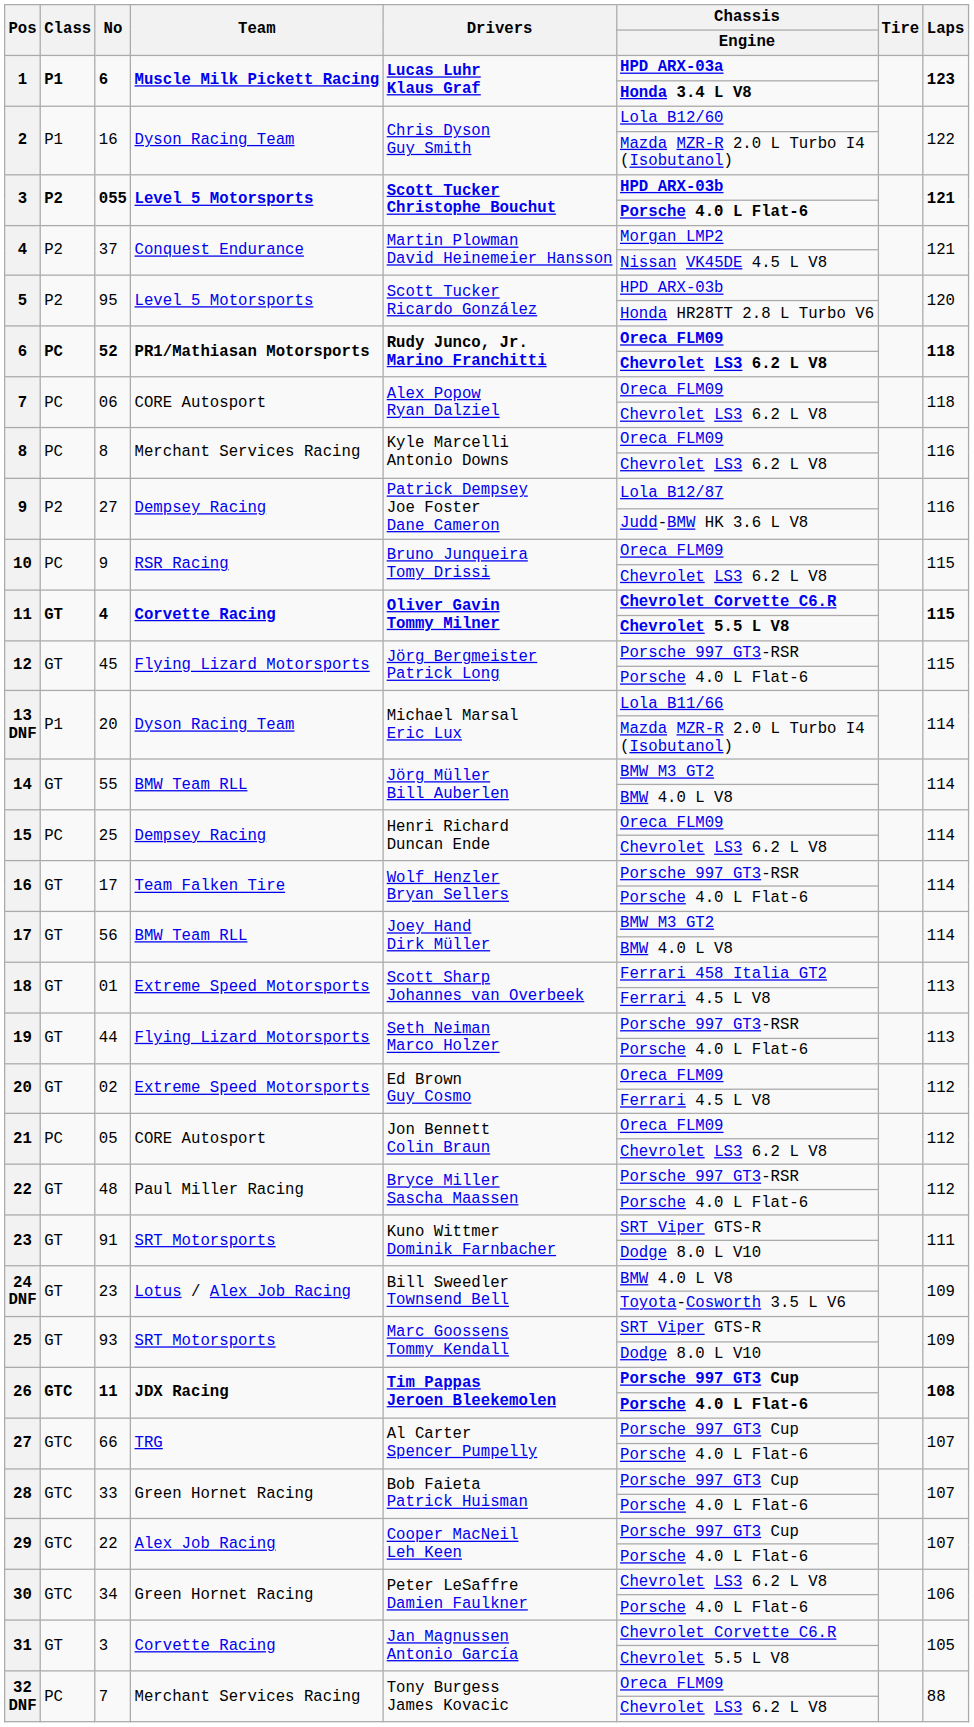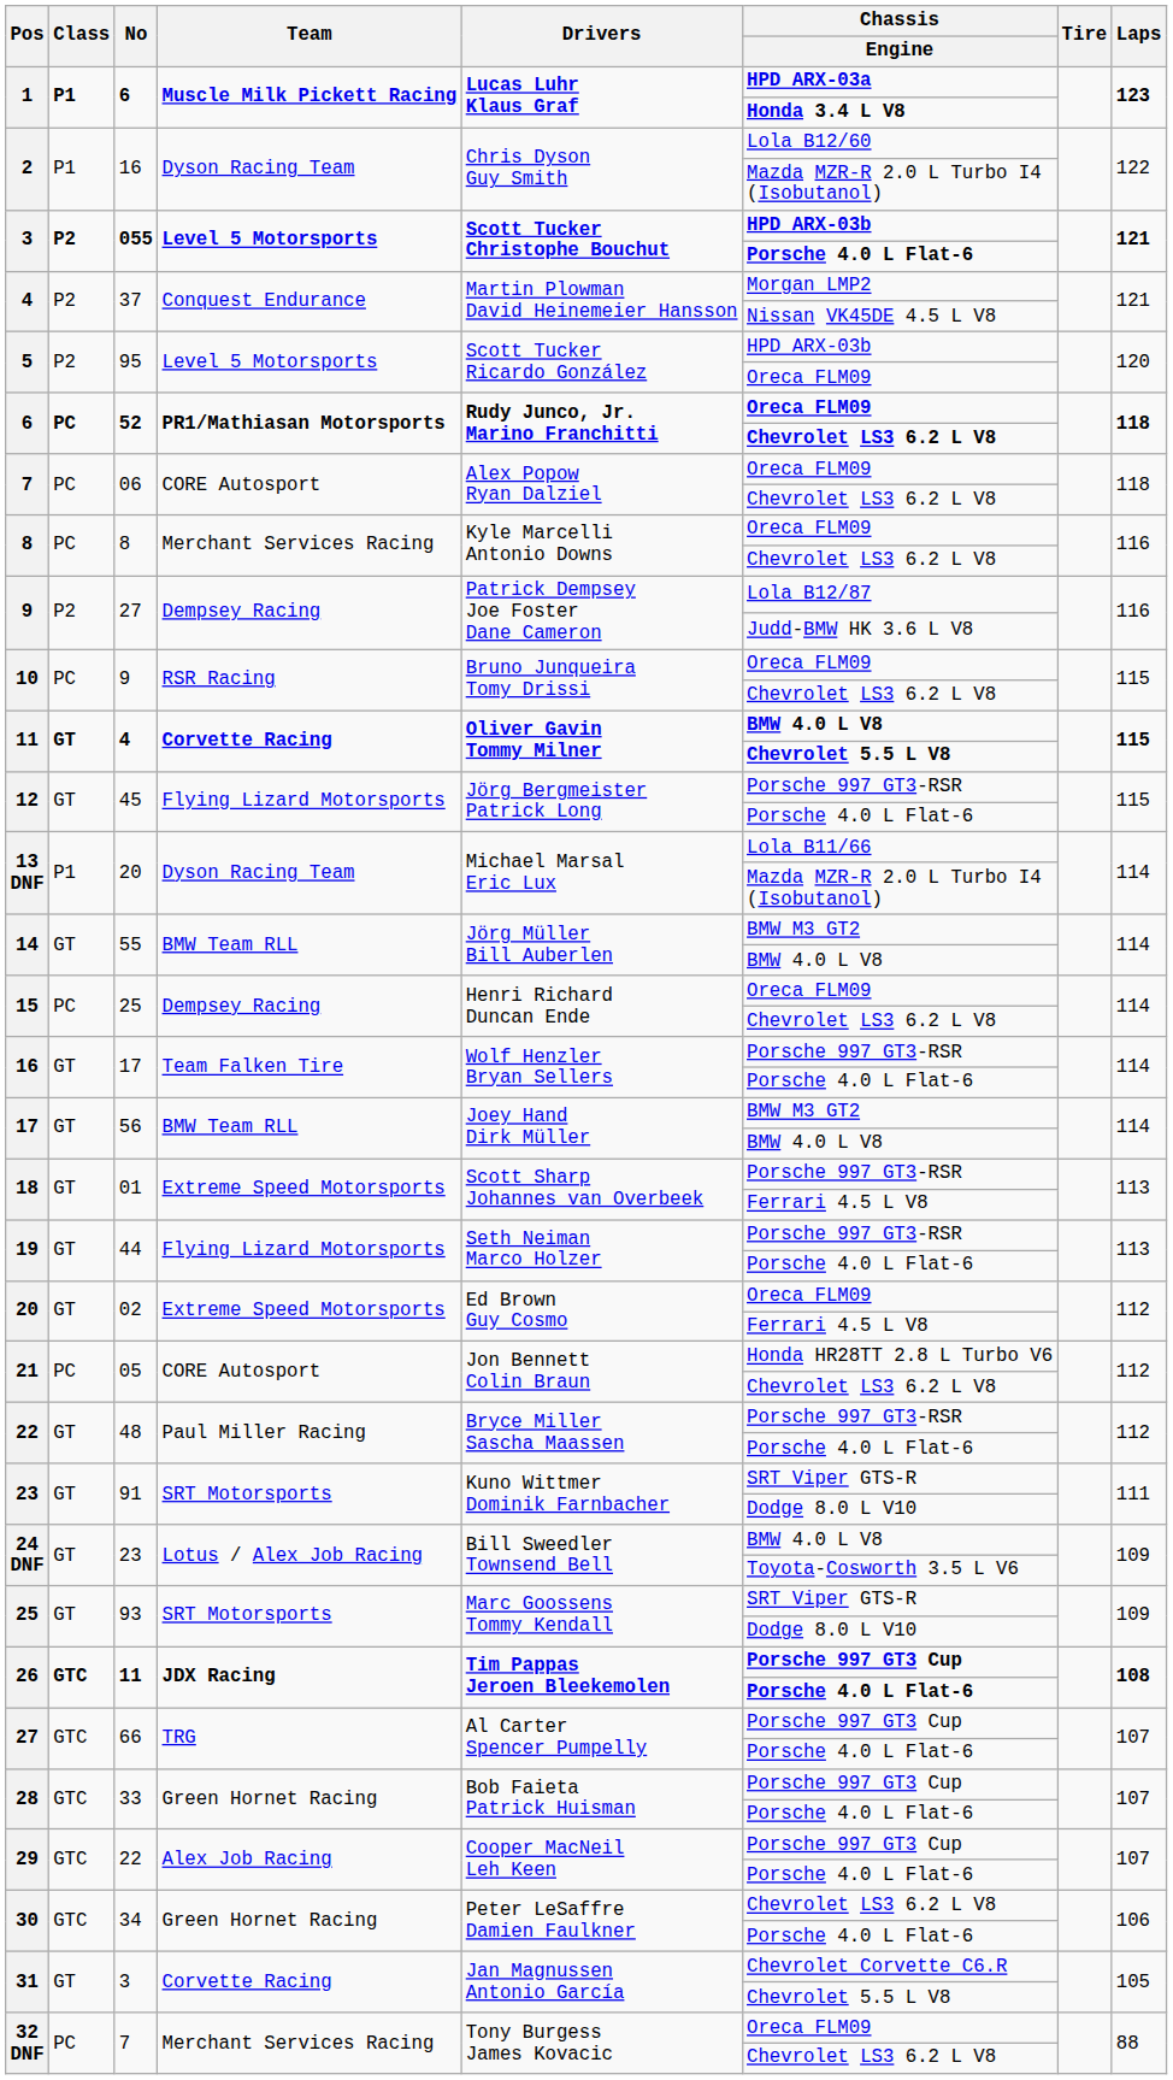 <table class="wikitable" style="font-size: 95%;">
 <tr>
 <th rowspan=2>Pos</th>
 <th rowspan=2>Class</th>
 <th rowspan=2>No</th>
 <th rowspan=2>Team</th>
 <th rowspan=2>Drivers</th>
 <th>Chassis</th>
 <th rowspan=2>Tire</th>
 <th rowspan=2>Laps</th>
 </tr>
 <tr>
 <th>Engine</th>
 </tr>
 <tr style="font-weight:bold">
 <th rowspan=2>1</th>
 <td rowspan=2>P1</td>
 <td rowspan=2>6</td>
 <td rowspan=2> <a href='#'>Muscle Milk Pickett Racing</a></td>
 <td rowspan=2> <a href='#'>Lucas Luhr</a><br> <a href='#'>Klaus Graf</a></td>
 <td><a href='#'>HPD ARX-03a</a></td>
 <td rowspan=2></td>
 <td rowspan=2>123</td>
 </tr>
 <tr style="font-weight:bold">
 <td><a href='#'>Honda</a> 3.4 L V8</td>
 </tr>
 <tr>
 <th rowspan=2>2</th>
 <td rowspan=2>P1</td>
 <td rowspan=2>16</td>
 <td rowspan=2> <a href='#'>Dyson Racing Team</a></td>
 <td rowspan=2> <a href='#'>Chris Dyson</a><br> <a href='#'>Guy Smith</a></td>
 <td><a href='#'>Lola B12/60</a></td>
 <td rowspan=2></td>
 <td rowspan=2>122</td>
 </tr>
 <tr>
 <td><a href='#'>Mazda</a> <a href='#'>MZR-R</a> 2.0 L Turbo I4<br>(<a href='#'>Isobutanol</a>)</td>
 </tr>
 <tr style="font-weight:bold">
 <th rowspan=2>3</th>
 <td rowspan=2>P2</td>
 <td rowspan=2>055</td>
 <td rowspan=2> <a href='#'>Level 5 Motorsports</a></td>
 <td rowspan=2> <a href='#'>Scott Tucker</a><br> <a href='#'>Christophe Bouchut</a></td>
 <td><a href='#'>HPD ARX-03b</a></td>
 <td rowspan=2></td>
 <td rowspan=2>121</td>
 </tr>
 <tr style="font-weight:bold">
 <td><a href='#'>Porsche</a> 4.0 L Flat-6</td>
 </tr>
 <tr>
 <th rowspan=2>4</th>
 <td rowspan=2>P2</td>
 <td rowspan=2>37</td>
 <td rowspan=2> <a href='#'>Conquest Endurance</a></td>
 <td rowspan=2> <a href='#'>Martin Plowman</a><br> <a href='#'>David Heinemeier Hansson</a></td>
 <td><a href='#'>Morgan LMP2</a></td>
 <td rowspan=2></td>
 <td rowspan=2>121</td>
 </tr>
 <tr>
 <td><a href='#'>Nissan</a> <a href='#'>VK45DE</a> 4.5 L V8</td>
 </tr>
 <tr>
 <th rowspan=2>5</th>
 <td rowspan=2>P2</td>
 <td rowspan=2>95</td>
 <td rowspan=2> <a href='#'>Level 5 Motorsports</a></td>
 <td rowspan=2> <a href='#'>Scott Tucker</a><br> <a href='#'>Ricardo González</a></td>
 <td><a href='#'>HPD ARX-03b</a></td>
 <td rowspan=2></td>
 <td rowspan=2>120</td>
 </tr>
 <tr>
-<td><a href='#'>Honda</a> HR28TT 2.8 L Turbo V6</td>
+<td><a href='#'>Oreca FLM09</a></td>
 </tr>
 <tr style="font-weight:bold">
 <th rowspan=2>6</th>
 <td rowspan=2>PC</td>
 <td rowspan=2>52</td>
 <td rowspan=2> PR1/Mathiasan Motorsports</td>
 <td rowspan=2> Rudy Junco, Jr.<br> <a href='#'>Marino Franchitti</a></td>
 <td><a href='#'>Oreca FLM09</a></td>
 <td rowspan=2></td>
 <td rowspan=2>118</td>
 </tr>
 <tr style="font-weight:bold">
 <td><a href='#'>Chevrolet</a> <a href='#'>LS3</a> 6.2 L V8</td>
 </tr>
 <tr>
 <th rowspan=2>7</th>
 <td rowspan=2>PC</td>
 <td rowspan=2>06</td>
 <td rowspan=2> CORE Autosport</td>
 <td rowspan=2> <a href='#'>Alex Popow</a><br> <a href='#'>Ryan Dalziel</a></td>
 <td><a href='#'>Oreca FLM09</a></td>
 <td rowspan=2></td>
 <td rowspan=2>118</td>
 </tr>
 <tr>
 <td><a href='#'>Chevrolet</a> <a href='#'>LS3</a> 6.2 L V8</td>
 </tr>
 <tr>
 <th rowspan=2>8</th>
 <td rowspan=2>PC</td>
 <td rowspan=2>8</td>
 <td rowspan=2> Merchant Services Racing</td>
 <td rowspan=2> Kyle Marcelli<br> Antonio Downs</td>
 <td><a href='#'>Oreca FLM09</a></td>
 <td rowspan=2></td>
 <td rowspan=2>116</td>
 </tr>
 <tr>
 <td><a href='#'>Chevrolet</a> <a href='#'>LS3</a> 6.2 L V8</td>
 </tr>
 <tr>
 <th rowspan=2>9</th>
 <td rowspan=2>P2</td>
 <td rowspan=2>27</td>
 <td rowspan=2> <a href='#'>Dempsey Racing</a></td>
 <td rowspan=2> <a href='#'>Patrick Dempsey</a><br> Joe Foster<br> <a href='#'>Dane Cameron</a></td>
 <td><a href='#'>Lola B12/87</a></td>
 <td rowspan=2></td>
 <td rowspan=2>116</td>
 </tr>
 <tr>
 <td><a href='#'>Judd</a>-<a href='#'>BMW</a> HK 3.6 L V8</td>
 </tr>
 <tr>
 <th rowspan=2>10</th>
 <td rowspan=2>PC</td>
 <td rowspan=2>9</td>
 <td rowspan=2> <a href='#'>RSR Racing</a></td>
 <td rowspan=2> <a href='#'>Bruno Junqueira</a><br> <a href='#'>Tomy Drissi</a></td>
 <td><a href='#'>Oreca FLM09</a></td>
 <td rowspan=2></td>
 <td rowspan=2>115</td>
 </tr>
 <tr>
 <td><a href='#'>Chevrolet</a> <a href='#'>LS3</a> 6.2 L V8</td>
 </tr>
 <tr style="font-weight:bold">
 <th rowspan=2>11</th>
 <td rowspan=2>GT</td>
 <td rowspan=2>4</td>
 <td rowspan=2> <a href='#'>Corvette Racing</a></td>
 <td rowspan=2> <a href='#'>Oliver Gavin</a><br> <a href='#'>Tommy Milner</a></td>
-<td><a href='#'>Chevrolet Corvette C6.R</a></td>
+<td><a href='#'>BMW</a> 4.0 L V8</td>
 <td rowspan=2></td>
 <td rowspan=2>115</td>
 </tr>
 <tr style="font-weight:bold">
 <td><a href='#'>Chevrolet</a> 5.5 L V8</td>
 </tr>
 <tr>
 <th rowspan=2>12</th>
 <td rowspan=2>GT</td>
 <td rowspan=2>45</td>
 <td rowspan=2> <a href='#'>Flying Lizard Motorsports</a></td>
 <td rowspan=2> <a href='#'>Jörg Bergmeister</a><br> <a href='#'>Patrick Long</a></td>
 <td><a href='#'>Porsche 997 GT3</a>-RSR</td>
 <td rowspan=2></td>
 <td rowspan=2>115</td>
 </tr>
 <tr>
 <td><a href='#'>Porsche</a> 4.0 L Flat-6</td>
 </tr>
 <tr>
 <th rowspan=2>13<br>DNF</th>
 <td rowspan=2>P1</td>
 <td rowspan=2>20</td>
 <td rowspan=2> <a href='#'>Dyson Racing Team</a></td>
 <td rowspan=2> Michael Marsal<br> <a href='#'>Eric Lux</a></td>
 <td><a href='#'>Lola B11/66</a></td>
 <td rowspan=2></td>
 <td rowspan=2>114</td>
 </tr>
 <tr>
 <td><a href='#'>Mazda</a> <a href='#'>MZR-R</a> 2.0 L Turbo I4<br>(<a href='#'>Isobutanol</a>)</td>
 </tr>
 <tr>
 <th rowspan=2>14</th>
 <td rowspan=2>GT</td>
 <td rowspan=2>55</td>
 <td rowspan=2> <a href='#'>BMW Team RLL</a></td>
 <td rowspan=2> <a href='#'>Jörg Müller</a><br> <a href='#'>Bill Auberlen</a></td>
 <td><a href='#'>BMW M3 GT2</a></td>
 <td rowspan=2></td>
 <td rowspan=2>114</td>
 </tr>
 <tr>
 <td><a href='#'>BMW</a> 4.0 L V8</td>
 </tr>
 <tr>
 <th rowspan=2>15</th>
 <td rowspan=2>PC</td>
 <td rowspan=2>25</td>
 <td rowspan=2> <a href='#'>Dempsey Racing</a></td>
 <td rowspan=2> Henri Richard<br> Duncan Ende</td>
 <td><a href='#'>Oreca FLM09</a></td>
 <td rowspan=2></td>
 <td rowspan=2>114</td>
 </tr>
 <tr>
 <td><a href='#'>Chevrolet</a> <a href='#'>LS3</a> 6.2 L V8</td>
 </tr>
 <tr>
 <th rowspan=2>16</th>
 <td rowspan=2>GT</td>
 <td rowspan=2>17</td>
 <td rowspan=2> <a href='#'>Team Falken Tire</a></td>
 <td rowspan=2> <a href='#'>Wolf Henzler</a><br> <a href='#'>Bryan Sellers</a></td>
 <td><a href='#'>Porsche 997 GT3</a>-RSR</td>
 <td rowspan=2></td>
 <td rowspan=2>114</td>
 </tr>
 <tr>
 <td><a href='#'>Porsche</a> 4.0 L Flat-6</td>
 </tr>
 <tr>
 <th rowspan=2>17</th>
 <td rowspan=2>GT</td>
 <td rowspan=2>56</td>
 <td rowspan=2> <a href='#'>BMW Team RLL</a></td>
 <td rowspan=2> <a href='#'>Joey Hand</a><br> <a href='#'>Dirk Müller</a></td>
 <td><a href='#'>BMW M3 GT2</a></td>
 <td rowspan=2></td>
 <td rowspan=2>114</td>
 </tr>
 <tr>
 <td><a href='#'>BMW</a> 4.0 L V8</td>
 </tr>
 <tr>
 <th rowspan=2>18</th>
 <td rowspan=2>GT</td>
 <td rowspan=2>01</td>
 <td rowspan=2> <a href='#'>Extreme Speed Motorsports</a></td>
 <td rowspan=2> <a href='#'>Scott Sharp</a><br> <a href='#'>Johannes van Overbeek</a></td>
-<td><a href='#'>Ferrari 458 Italia GT2</a></td>
+<td><a href='#'>Porsche 997 GT3</a>-RSR</td>
 <td rowspan=2></td>
 <td rowspan=2>113</td>
 </tr>
 <tr>
 <td><a href='#'>Ferrari</a> 4.5 L V8</td>
 </tr>
 <tr>
 <th rowspan=2>19</th>
 <td rowspan=2>GT</td>
 <td rowspan=2>44</td>
 <td rowspan=2> <a href='#'>Flying Lizard Motorsports</a></td>
 <td rowspan=2> <a href='#'>Seth Neiman</a><br> <a href='#'>Marco Holzer</a></td>
 <td><a href='#'>Porsche 997 GT3</a>-RSR</td>
 <td rowspan=2></td>
 <td rowspan=2>113</td>
 </tr>
 <tr>
 <td><a href='#'>Porsche</a> 4.0 L Flat-6</td>
 </tr>
 <tr>
 <th rowspan=2>20</th>
 <td rowspan=2>GT</td>
 <td rowspan=2>02</td>
 <td rowspan=2> <a href='#'>Extreme Speed Motorsports</a></td>
 <td rowspan=2> Ed Brown<br> <a href='#'>Guy Cosmo</a></td>
 <td><a href='#'>Oreca FLM09</a></td>
 <td rowspan=2></td>
 <td rowspan=2>112</td>
 </tr>
 <tr>
 <td><a href='#'>Ferrari</a> 4.5 L V8</td>
 </tr>
 <tr>
 <th rowspan=2>21</th>
 <td rowspan=2>PC</td>
 <td rowspan=2>05</td>
 <td rowspan=2> CORE Autosport</td>
 <td rowspan=2> Jon Bennett<br> <a href='#'>Colin Braun</a></td>
-<td><a href='#'>Oreca FLM09</a></td>
+<td><a href='#'>Honda</a> HR28TT 2.8 L Turbo V6</td>
 <td rowspan=2></td>
 <td rowspan=2>112</td>
 </tr>
 <tr>
 <td><a href='#'>Chevrolet</a> <a href='#'>LS3</a> 6.2 L V8</td>
 </tr>
 <tr>
 <th rowspan=2>22</th>
 <td rowspan=2>GT</td>
 <td rowspan=2>48</td>
 <td rowspan=2> Paul Miller Racing</td>
 <td rowspan=2> <a href='#'>Bryce Miller</a><br> <a href='#'>Sascha Maassen</a></td>
 <td><a href='#'>Porsche 997 GT3</a>-RSR</td>
 <td rowspan=2></td>
 <td rowspan=2>112</td>
 </tr>
 <tr>
 <td><a href='#'>Porsche</a> 4.0 L Flat-6</td>
 </tr>
 <tr>
 <th rowspan=2>23</th>
 <td rowspan=2>GT</td>
 <td rowspan=2>91</td>
 <td rowspan=2> <a href='#'>SRT Motorsports</a></td>
 <td rowspan=2> Kuno Wittmer<br> <a href='#'>Dominik Farnbacher</a></td>
 <td><a href='#'>SRT Viper</a> GTS-R</td>
 <td rowspan=2></td>
 <td rowspan=2>111</td>
 </tr>
 <tr>
 <td><a href='#'>Dodge</a> 8.0 L V10</td>
 </tr>
 <tr>
 <th rowspan=2>24<br>DNF</th>
 <td rowspan=2>GT</td>
 <td rowspan=2>23</td>
 <td rowspan=2> <a href='#'>Lotus</a> / <a href='#'>Alex Job Racing</a></td>
 <td rowspan=2> Bill Sweedler<br> <a href='#'>Townsend Bell</a></td>
 <td><a href='#'>BMW</a> 4.0 L V8</td>
 <td rowspan=2></td>
 <td rowspan=2>109</td>
 </tr>
 <tr>
 <td><a href='#'>Toyota</a>-<a href='#'>Cosworth</a> 3.5 L V6</td>
 </tr>
 <tr>
 <th rowspan=2>25</th>
 <td rowspan=2>GT</td>
 <td rowspan=2>93</td>
 <td rowspan=2> <a href='#'>SRT Motorsports</a></td>
 <td rowspan=2> <a href='#'>Marc Goossens</a><br> <a href='#'>Tommy Kendall</a></td>
 <td><a href='#'>SRT Viper</a> GTS-R</td>
 <td rowspan=2></td>
 <td rowspan=2>109</td>
 </tr>
 <tr>
 <td><a href='#'>Dodge</a> 8.0 L V10</td>
 </tr>
 <tr style="font-weight:bold">
 <th rowspan=2>26</th>
 <td rowspan=2>GTC</td>
 <td rowspan=2>11</td>
 <td rowspan=2> JDX Racing</td>
 <td rowspan=2> <a href='#'>Tim Pappas</a><br> <a href='#'>Jeroen Bleekemolen</a></td>
 <td><a href='#'>Porsche 997 GT3</a> Cup</td>
 <td rowspan=2></td>
 <td rowspan=2>108</td>
 </tr>
 <tr style="font-weight:bold">
 <td><a href='#'>Porsche</a> 4.0 L Flat-6</td>
 </tr>
 <tr>
 <th rowspan=2>27</th>
 <td rowspan=2>GTC</td>
 <td rowspan=2>66</td>
 <td rowspan=2> <a href='#'>TRG</a></td>
 <td rowspan=2> Al Carter<br> <a href='#'>Spencer Pumpelly</a></td>
 <td><a href='#'>Porsche 997 GT3</a> Cup</td>
 <td rowspan=2></td>
 <td rowspan=2>107</td>
 </tr>
 <tr>
 <td><a href='#'>Porsche</a> 4.0 L Flat-6</td>
 </tr>
 <tr>
 <th rowspan=2>28</th>
 <td rowspan=2>GTC</td>
 <td rowspan=2>33</td>
 <td rowspan=2> Green Hornet Racing</td>
 <td rowspan=2> Bob Faieta<br> <a href='#'>Patrick Huisman</a></td>
 <td><a href='#'>Porsche 997 GT3</a> Cup</td>
 <td rowspan=2></td>
 <td rowspan=2>107</td>
 </tr>
 <tr>
 <td><a href='#'>Porsche</a> 4.0 L Flat-6</td>
 </tr>
 <tr>
 <th rowspan=2>29</th>
 <td rowspan=2>GTC</td>
 <td rowspan=2>22</td>
 <td rowspan=2> <a href='#'>Alex Job Racing</a></td>
 <td rowspan=2> <a href='#'>Cooper MacNeil</a><br> <a href='#'>Leh Keen</a></td>
 <td><a href='#'>Porsche 997 GT3</a> Cup</td>
 <td rowspan=2></td>
 <td rowspan=2>107</td>
 </tr>
 <tr>
 <td><a href='#'>Porsche</a> 4.0 L Flat-6</td>
 </tr>
 <tr>
 <th rowspan=2>30</th>
 <td rowspan=2>GTC</td>
 <td rowspan=2>34</td>
 <td rowspan=2> Green Hornet Racing</td>
 <td rowspan=2> Peter LeSaffre<br> <a href='#'>Damien Faulkner</a></td>
 <td><a href='#'>Chevrolet</a> <a href='#'>LS3</a> 6.2 L V8</td>
 <td rowspan=2></td>
 <td rowspan=2>106</td>
 </tr>
 <tr>
 <td><a href='#'>Porsche</a> 4.0 L Flat-6</td>
 </tr>
 <tr>
 <th rowspan=2>31</th>
 <td rowspan=2>GT</td>
 <td rowspan=2>3</td>
 <td rowspan=2> <a href='#'>Corvette Racing</a></td>
 <td rowspan=2> <a href='#'>Jan Magnussen</a><br> <a href='#'>Antonio García</a></td>
 <td><a href='#'>Chevrolet Corvette C6.R</a></td>
 <td rowspan=2></td>
 <td rowspan=2>105</td>
 </tr>
 <tr>
 <td><a href='#'>Chevrolet</a> 5.5 L V8</td>
 </tr>
 <tr>
 <th rowspan=2>32<br>DNF</th>
 <td rowspan=2>PC</td>
 <td rowspan=2>7</td>
 <td rowspan=2> Merchant Services Racing</td>
 <td rowspan=2> Tony Burgess<br> James Kovacic</td>
 <td><a href='#'>Oreca FLM09</a></td>
 <td rowspan=2></td>
 <td rowspan=2>88</td>
 </tr>
 <tr>
 <td><a href='#'>Chevrolet</a> <a href='#'>LS3</a> 6.2 L V8</td>
 </tr>
 </table>
